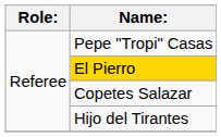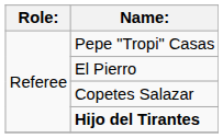 <table class=wikitable style="font-size:90%; margin: 0.5em 0 0.5em 1em; float: right; clear: left;">
 <tr>
 <th>Role:</th>
 <th>Name:</th>
 </tr>
 <tr>
 <td rowspan=4>Referee</td>
 <td>Pepe "Tropi" Casas</td>
 </tr>
 <tr>
-<td style="background: gold;">El Pierro</td>
+<td>El Pierro</td>
 </tr>
 <tr>
 <td>Copetes Salazar</td>
 </tr>
 <tr>
-<td>Hijo del Tirantes</td>
+<td><strong>Hijo del Tirantes</strong></td>
 </tr>
 <tr>
 </tr>
 </table>
